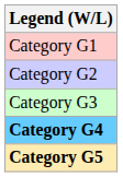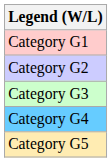 <table class="sortable wikitable" style="font-size:97%">
 <tr>
 <th>Legend (W/L)</th>
 </tr>
 <tr bgcolor="#ffcccc">
 <td>Category G1</td>
 </tr>
 <tr bgcolor="#ccccff">
 <td>Category G2</td>
 </tr>
 <tr bgcolor="#CCFFCC">
 <td>Category G3</td>
 </tr>
 <tr bgcolor="#66CCFF">
-<td><strong>Category G4</strong></td>
+<td>Category G4</td>
 </tr>
 <tr bgcolor="#ffecb2">
-<td><strong>Category G5</strong></td>
+<td>Category G5</td>
 </tr>
 </table>
